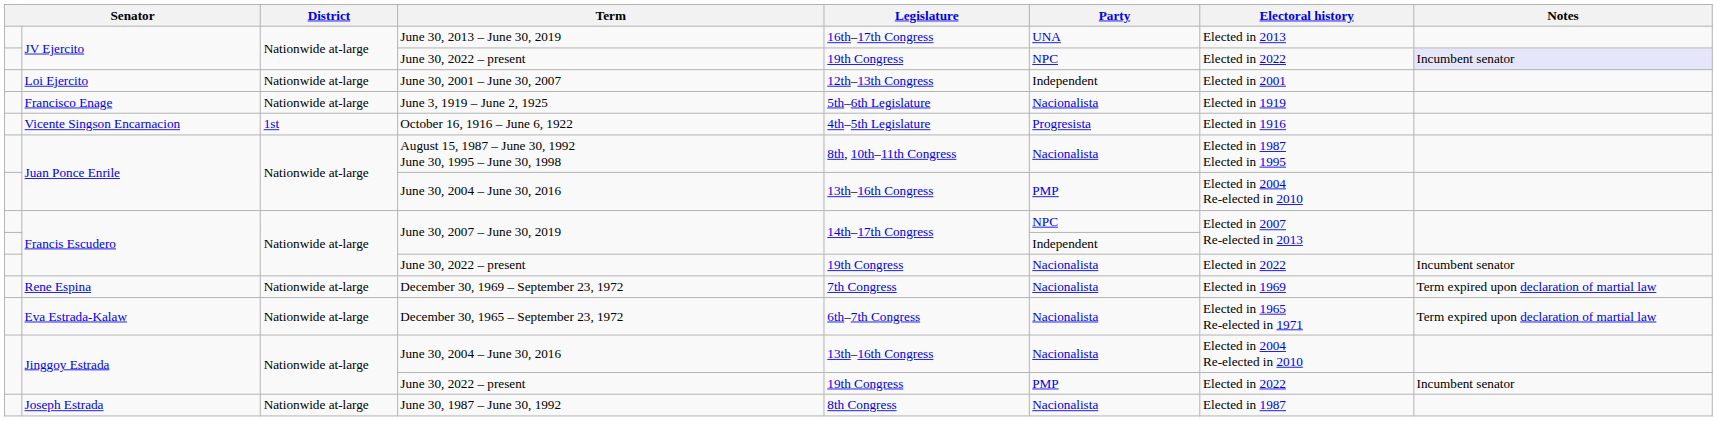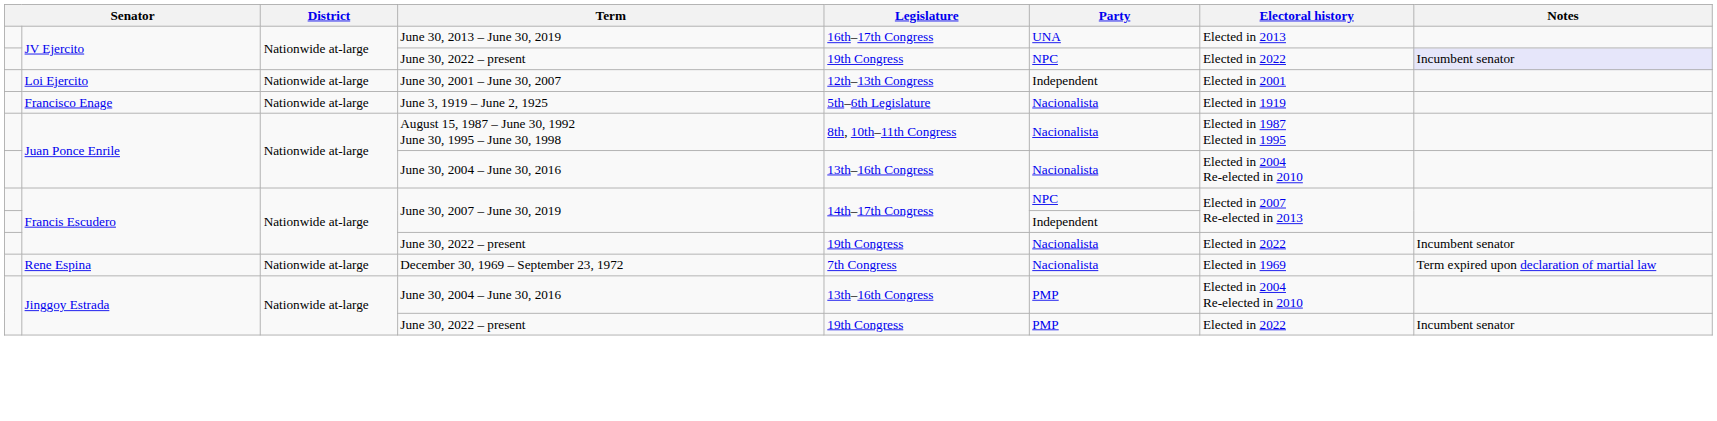 <table class="wikitable" style="font-size:95%" width=99%>
 <tr>
 <th width=15% colspan="2">Senator</th>
 <th width=8%><a href='#'>District</a></th>
 <th width=25%>Term</th>
 <th width=12%><a href='#'>Legislature</a></th>
 <th width=10%><a href='#'>Party</a></th>
 <th width=12.5%><a href='#'>Electoral history</a></th>
 <th width=17.5%>Notes</th>
 </tr>
 <tr>
 <td width=1% style="background-color:"></td>
 <td rowspan="2"><a href='#'>JV Ejercito</a></td>
 <td rowspan="2">Nationwide at-large</td>
 <td>June 30, 2013 – June 30, 2019</td>
 <td><a href='#'>16th</a>–<a href='#'>17th Congress</a></td>
 <td><a href='#'>UNA</a></td>
 <td>Elected in <a href='#'>2013</a></td>
 <td></td>
 </tr>
 <tr>
 <td style="background-color:"></td>
 <td>June 30, 2022 – present</td>
 <td><a href='#'>19th Congress</a></td>
 <td><a href='#'>NPC</a></td>
 <td>Elected in <a href='#'>2022</a></td>
 <td style="background: lavender;">Incumbent senator</td>
 </tr>
 <tr>
 <td style="background-color:"></td>
 <td><a href='#'>Loi Ejercito</a></td>
 <td>Nationwide at-large</td>
 <td>June 30, 2001 – June 30, 2007</td>
 <td><a href='#'>12th</a>–<a href='#'>13th Congress</a></td>
 <td>Independent</td>
 <td>Elected in <a href='#'>2001</a></td>
 <td></td>
 </tr>
 <tr>
 <td style="background-color:"></td>
 <td><a href='#'>Francisco Enage</a></td>
 <td>Nationwide at-large</td>
 <td>June 3, 1919 – June 2, 1925</td>
 <td><a href='#'>5th</a>–<a href='#'>6th Legislature</a></td>
 <td><a href='#'>Nacionalista</a></td>
 <td>Elected in <a href='#'>1919</a></td>
 <td></td>
 </tr>
 <tr>
 <td style="background-color:"></td>
-<td><a href='#'>Vicente Singson Encarnacion</a></td>
-<td><a href='#'>1st</a></td>
-<td>October 16, 1916 – June 6, 1922</td>
-<td><a href='#'>4th</a>–<a href='#'>5th Legislature</a></td>
-<td><a href='#'>Progresista</a></td>
-<td>Elected in <a href='#'>1916</a></td>
-<td></td>
-</tr>
-<tr>
-<td style="background-color:"></td>
 <td rowspan="2"><a href='#'>Juan Ponce Enrile</a></td>
 <td rowspan="2">Nationwide at-large</td>
 <td>August 15, 1987 – June 30, 1992<br>June 30, 1995 – June 30, 1998</td>
 <td><a href='#'>8th</a>, <a href='#'>10th</a>–<a href='#'>11th Congress</a></td>
 <td><a href='#'>Nacionalista</a></td>
 <td>Elected in <a href='#'>1987</a><br>Elected in <a href='#'>1995</a></td>
 <td></td>
 </tr>
 <tr>
 <td style="background-color:"></td>
 <td>June 30, 2004 – June 30, 2016</td>
 <td><a href='#'>13th</a>–<a href='#'>16th Congress</a></td>
-<td><a href='#'>PMP</a></td>
+<td><a href='#'>Nacionalista</a></td>
 <td>Elected in <a href='#'>2004</a><br>Re-elected in <a href='#'>2010</a></td>
 <td></td>
 </tr>
 <tr>
 <td style="background-color:"></td>
 <td rowspan="3"><a href='#'>Francis Escudero</a></td>
 <td rowspan="3">Nationwide at-large</td>
 <td rowspan="2">June 30, 2007 – June 30, 2019</td>
 <td rowspan="2"><a href='#'>14th</a>–<a href='#'>17th Congress</a></td>
 <td><a href='#'>NPC</a></td>
 <td rowspan="2">Elected in <a href='#'>2007</a><br>Re-elected in <a href='#'>2013</a></td>
 <td rowspan="2"></td>
 </tr>
 <tr>
 <td style="background-color:"></td>
 <td>Independent</td>
 </tr>
 <tr>
 <td style="background-color:"></td>
 <td>June 30, 2022 – present</td>
 <td><a href='#'>19th Congress</a></td>
 <td><a href='#'>Nacionalista</a></td>
 <td>Elected in <a href='#'>2022</a></td>
 <td>Incumbent senator</td>
 </tr>
 <tr>
 <td style="background-color:"></td>
 <td><a href='#'>Rene Espina</a></td>
 <td>Nationwide at-large</td>
 <td>December 30, 1969 – September 23, 1972</td>
 <td><a href='#'>7th Congress</a></td>
 <td><a href='#'>Nacionalista</a></td>
 <td>Elected in <a href='#'>1969</a></td>
 <td>Term expired upon <a href='#'>declaration of martial law</a></td>
 </tr>
 <tr>
-<td style="background-color:"></td>
-<td><a href='#'>Eva Estrada-Kalaw</a></td>
-<td>Nationwide at-large</td>
-<td>December 30, 1965 – September 23, 1972</td>
-<td><a href='#'>6th</a>–<a href='#'>7th Congress</a></td>
-<td><a href='#'>Nacionalista</a></td>
-<td>Elected in <a href='#'>1965</a><br>Re-elected in <a href='#'>1971</a></td>
-<td>Term expired upon <a href='#'>declaration of martial law</a></td>
-</tr>
-<tr>
 <td rowspan="2" style="background-color:"></td>
 <td rowspan="2"><a href='#'>Jinggoy Estrada</a></td>
 <td rowspan="2">Nationwide at-large</td>
 <td>June 30, 2004 – June 30, 2016</td>
 <td><a href='#'>13th</a>–<a href='#'>16th Congress</a></td>
-<td><a href='#'>Nacionalista</a></td>
+<td><a href='#'>PMP</a></td>
 <td>Elected in <a href='#'>2004</a><br>Re-elected in <a href='#'>2010</a></td>
 <td></td>
 </tr>
 <tr>
 <td>June 30, 2022 – present</td>
 <td><a href='#'>19th Congress</a></td>
 <td><a href='#'>PMP</a></td>
 <td>Elected in <a href='#'>2022</a></td>
 <td>Incumbent senator</td>
 </tr>
-<tr>
-<td style="background-color:"></td>
-<td><a href='#'>Joseph Estrada</a></td>
-<td>Nationwide at-large</td>
-<td>June 30, 1987 – June 30, 1992</td>
-<td><a href='#'>8th Congress</a></td>
-<td><a href='#'>Nacionalista</a></td>
-<td>Elected in <a href='#'>1987</a></td>
-<td></td>
-</tr>
 </table>
